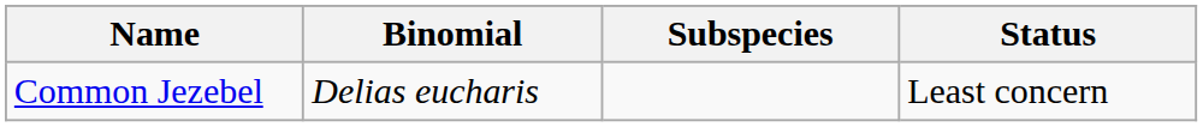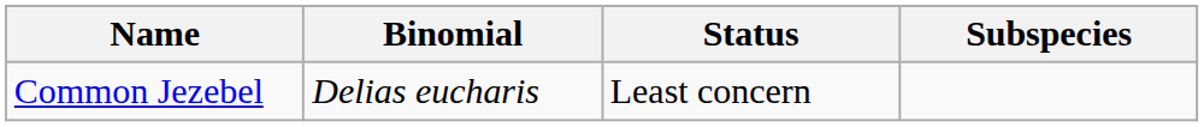 <table width=60% class="wikitable">
 <tr>
 <th width=20%>Name</th>
 <th width=20%>Binomial</th>
+<th width=20%>Status</th>
 <th width=20%>Subspecies</th>
-<th width=20%>Status</th>
 </tr>
 <tr>
 <td><a href='#'>Common Jezebel</a><br> </td>
 <td><em>Delias eucharis</em></td>
+<td>Least concern</td>
 <td></td>
-<td>Least concern</td>
 </tr>
 </table>
